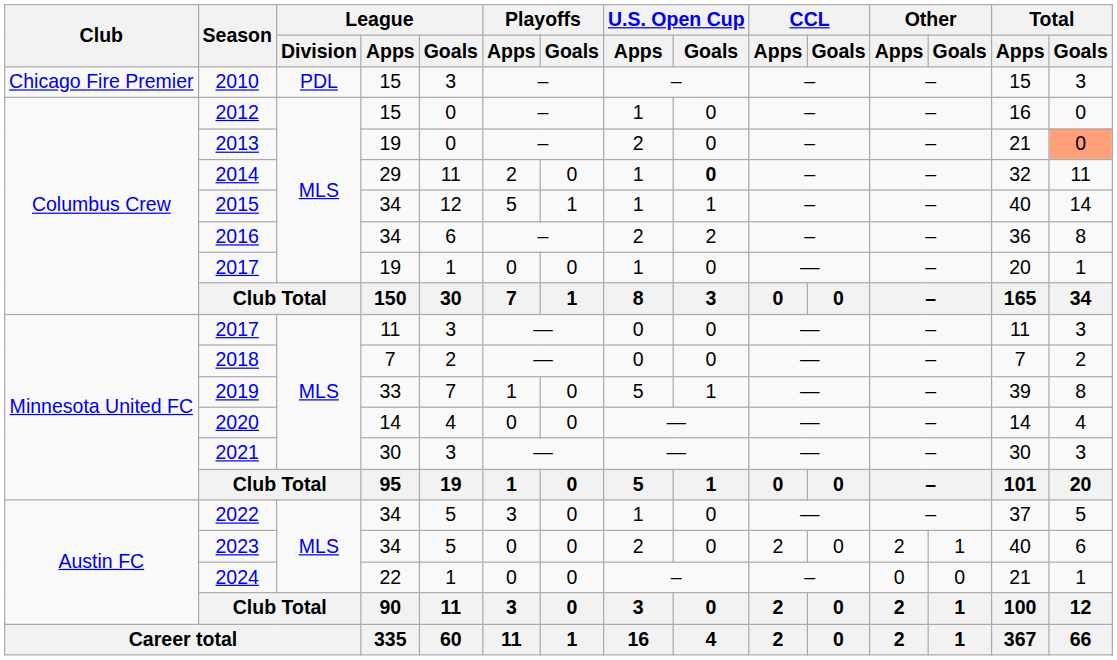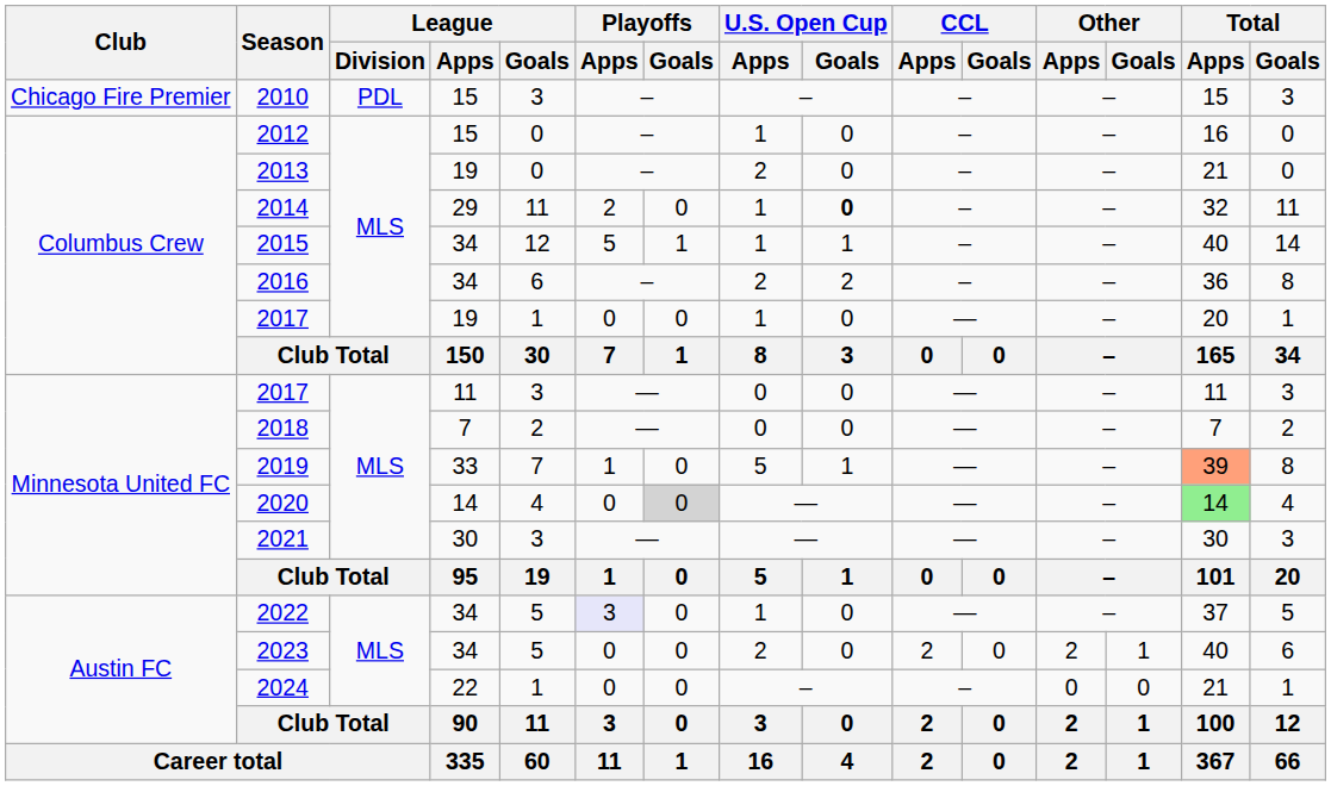 <table class="wikitable" style="text-align:center">
 <tr>
 <th rowspan="2">Club</th>
 <th rowspan="2">Season</th>
 <th colspan="3">League</th>
 <th colspan="2">Playoffs</th>
 <th colspan="2"><a href='#'>U.S. Open Cup</a></th>
 <th colspan="2"><a href='#'>CCL</a></th>
 <th colspan="2">Other</th>
 <th colspan="2">Total</th>
 </tr>
 <tr>
 <th>Division</th>
 <th>Apps</th>
 <th>Goals</th>
 <th>Apps</th>
 <th>Goals</th>
 <th>Apps</th>
 <th>Goals</th>
 <th>Apps</th>
 <th>Goals</th>
 <th>Apps</th>
 <th>Goals</th>
 <th>Apps</th>
 <th>Goals</th>
 </tr>
 <tr>
 <td><a href='#'>Chicago Fire Premier</a></td>
 <td><a href='#'>2010</a></td>
 <td><a href='#'>PDL</a></td>
 <td>15</td>
 <td>3</td>
 <td colspan="2">–</td>
 <td colspan="2">–</td>
 <td colspan="2">–</td>
 <td colspan="2">–</td>
 <td>15</td>
 <td>3</td>
 </tr>
 <tr>
 <td rowspan="7"><a href='#'>Columbus Crew</a></td>
 <td><a href='#'>2012</a></td>
 <td rowspan="6"><a href='#'>MLS</a></td>
 <td>15</td>
 <td>0</td>
 <td colspan="2">–</td>
 <td>1</td>
 <td>0</td>
 <td colspan="2">–</td>
 <td colspan="2">–</td>
 <td>16</td>
 <td>0</td>
 </tr>
 <tr>
 <td><a href='#'>2013</a></td>
 <td>19</td>
 <td>0</td>
 <td colspan="2">–</td>
 <td>2</td>
 <td>0</td>
 <td colspan="2">–</td>
 <td colspan="2">–</td>
 <td>21</td>
-<td style="background: lightsalmon;">0</td>
+<td>0</td>
 </tr>
 <tr>
 <td><a href='#'>2014</a></td>
 <td>29</td>
 <td>11</td>
 <td>2</td>
 <td>0</td>
 <td>1</td>
 <td><strong>0</strong></td>
 <td colspan="2">–</td>
 <td colspan="2">–</td>
 <td>32</td>
 <td>11</td>
 </tr>
 <tr>
 <td><a href='#'>2015</a></td>
 <td>34</td>
 <td>12</td>
 <td>5</td>
 <td>1</td>
 <td>1</td>
 <td>1</td>
 <td colspan="2">–</td>
 <td colspan="2">–</td>
 <td>40</td>
 <td>14</td>
 </tr>
 <tr>
 <td><a href='#'>2016</a></td>
 <td>34</td>
 <td>6</td>
 <td colspan="2">–</td>
 <td>2</td>
 <td>2</td>
 <td colspan="2">–</td>
 <td colspan="2">–</td>
 <td>36</td>
 <td>8</td>
 </tr>
 <tr>
 <td><a href='#'>2017</a></td>
 <td>19</td>
 <td>1</td>
 <td>0</td>
 <td>0</td>
 <td>1</td>
 <td>0</td>
 <td colspan="2">—</td>
 <td colspan="2">–</td>
 <td>20</td>
 <td>1</td>
 </tr>
 <tr>
 <th colspan="2">Club Total</th>
 <th>150</th>
 <th>30</th>
 <th>7</th>
 <th>1</th>
 <th>8</th>
 <th>3</th>
 <th>0</th>
 <th>0</th>
 <th colspan="2">–</th>
 <th>165</th>
 <th>34</th>
 </tr>
 <tr>
 <td rowspan="6"><a href='#'>Minnesota United FC</a></td>
 <td><a href='#'>2017</a></td>
 <td rowspan="5"><a href='#'>MLS</a></td>
 <td>11</td>
 <td>3</td>
 <td colspan="2">—</td>
 <td>0</td>
 <td>0</td>
 <td colspan="2">—</td>
 <td colspan="2">–</td>
 <td>11</td>
 <td>3</td>
 </tr>
 <tr>
 <td><a href='#'>2018</a></td>
 <td>7</td>
 <td 2>2</td>
 <td colspan="2">—</td>
 <td>0</td>
 <td>0</td>
 <td colspan="2">—</td>
 <td colspan="2">–</td>
 <td>7</td>
 <td>2</td>
 </tr>
 <tr>
 <td><a href='#'>2019</a></td>
 <td>33</td>
 <td>7</td>
 <td>1</td>
 <td>0</td>
 <td>5</td>
 <td>1</td>
 <td colspan="2">—</td>
 <td colspan="2">–</td>
-<td>39</td>
+<td style="background: lightsalmon;">39</td>
 <td>8</td>
 </tr>
 <tr>
 <td><a href='#'>2020</a></td>
 <td>14</td>
 <td>4</td>
 <td>0</td>
-<td>0</td>
+<td style="background: lightgrey;">0</td>
 <td colspan="2">—</td>
 <td colspan="2">—</td>
 <td colspan="2">–</td>
-<td>14</td>
+<td style="background: lightgreen;">14</td>
 <td>4</td>
 </tr>
 <tr>
 <td><a href='#'>2021</a></td>
 <td>30</td>
 <td>3</td>
 <td colspan="2">—</td>
 <td colspan="2">—</td>
 <td colspan="2">—</td>
 <td colspan="2">–</td>
 <td>30</td>
 <td>3</td>
 </tr>
 <tr>
 <th colspan="2">Club Total</th>
 <th>95</th>
 <th>19</th>
 <th>1</th>
 <th>0</th>
 <th>5</th>
 <th>1</th>
 <th>0</th>
 <th>0</th>
 <th colspan="2">–</th>
 <th>101</th>
 <th>20</th>
 </tr>
 <tr>
 <td rowspan=4><a href='#'>Austin FC</a></td>
 <td><a href='#'>2022</a></td>
 <td rowspan=3><a href='#'>MLS</a></td>
 <td>34</td>
 <td>5</td>
-<td>3</td>
+<td style="background: lavender;">3</td>
 <td>0</td>
 <td>1</td>
 <td>0</td>
 <td colspan="2">—</td>
 <td colspan="2">–</td>
 <td>37</td>
 <td>5</td>
 </tr>
 <tr>
 <td><a href='#'>2023</a></td>
 <td>34</td>
 <td>5</td>
 <td>0</td>
 <td>0</td>
 <td>2</td>
 <td>0</td>
 <td>2</td>
 <td>0</td>
 <td>2</td>
 <td>1</td>
 <td>40</td>
 <td>6</td>
 </tr>
 <tr>
 <td><a href='#'>2024</a></td>
 <td>22</td>
 <td>1</td>
 <td>0</td>
 <td>0</td>
 <td colspan="2">–</td>
 <td colspan="2">–</td>
 <td>0</td>
 <td>0</td>
 <td>21</td>
 <td>1</td>
 </tr>
 <tr>
 <th colspan=2>Club Total</th>
 <th>90</th>
 <th>11</th>
 <th>3</th>
 <th>0</th>
 <th>3</th>
 <th>0</th>
 <th>2</th>
 <th>0</th>
 <th>2</th>
 <th>1</th>
 <th>100</th>
 <th>12</th>
 </tr>
 <tr>
 <th colspan="3">Career total</th>
 <th>335</th>
 <th>60</th>
 <th>11</th>
 <th>1</th>
 <th>16</th>
 <th>4</th>
 <th>2</th>
 <th>0</th>
 <th>2</th>
 <th>1</th>
 <th>367</th>
 <th>66</th>
 </tr>
 </table>
